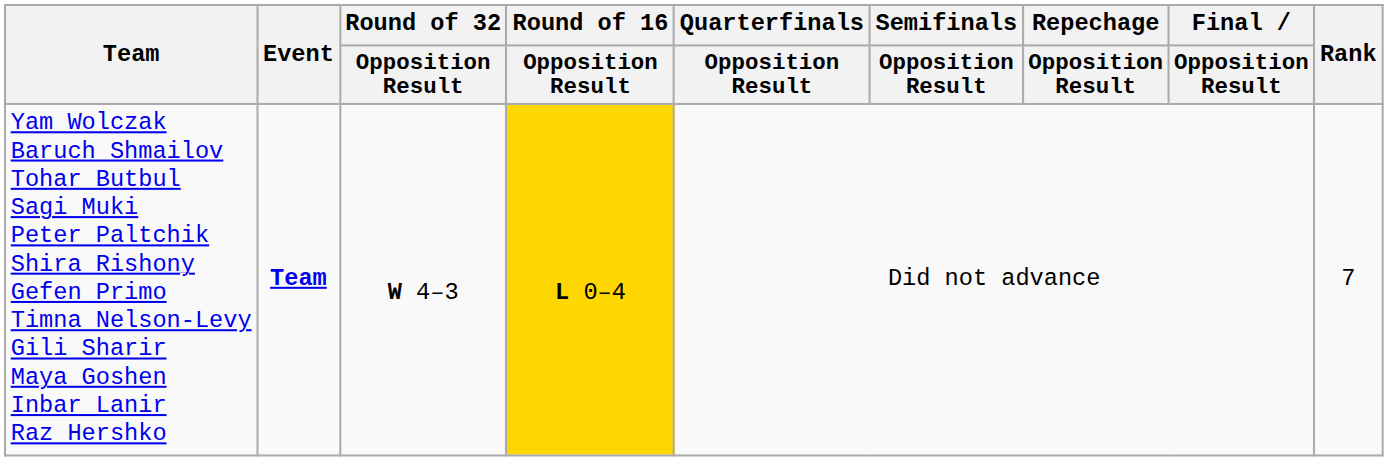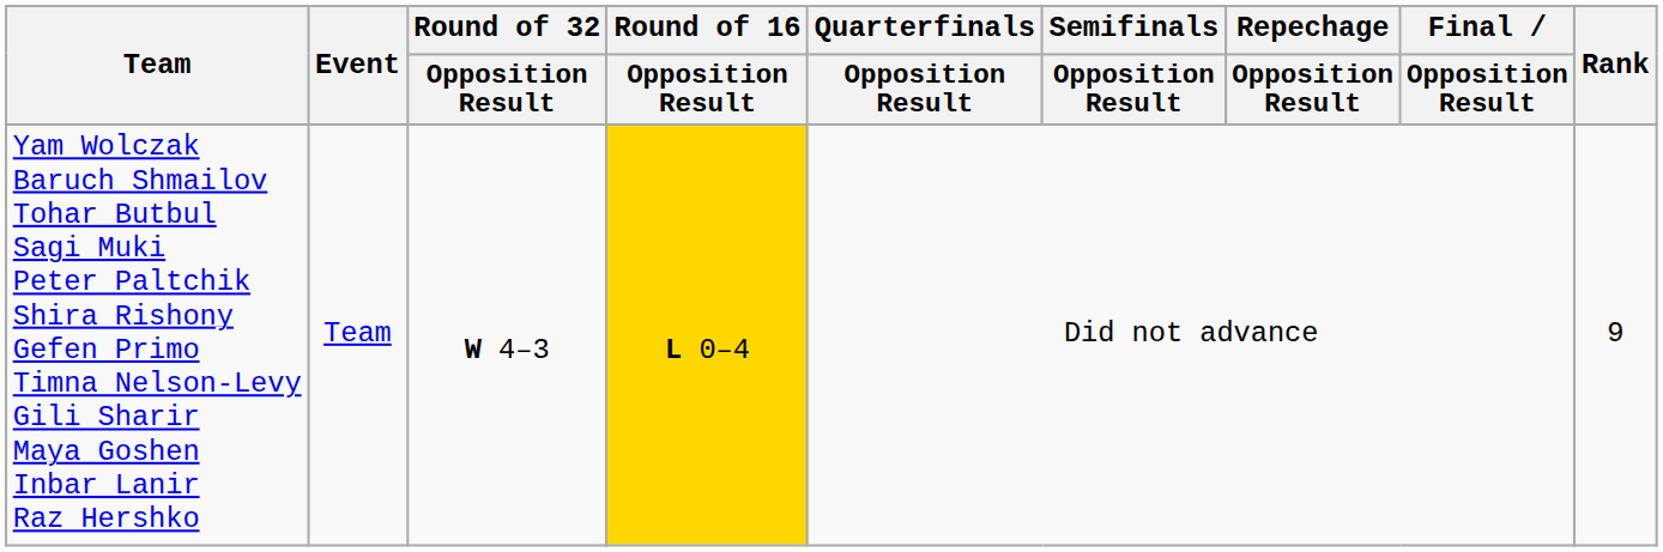 <table class="wikitable" style="font-size:90%; text-align:center">
 <tr>
 <th rowspan=2>Team</th>
 <th rowspan=2>Event</th>
 <th>Round of 32</th>
 <th>Round of 16</th>
 <th>Quarterfinals</th>
 <th>Semifinals</th>
 <th>Repechage</th>
 <th>Final / </th>
 <th rowspan=2>Rank</th>
 </tr>
 <tr style="font-size:95%">
 <th>Opposition <br> Result</th>
 <th>Opposition <br> Result</th>
 <th>Opposition <br> Result</th>
 <th>Opposition <br> Result</th>
 <th>Opposition <br> Result</th>
 <th>Opposition <br> Result</th>
 </tr>
 <tr>
 <td align=left><a href='#'>Yam Wolczak</a><br><a href='#'>Baruch Shmailov</a><br><a href='#'>Tohar Butbul</a><br><a href='#'>Sagi Muki</a><br><a href='#'>Peter Paltchik</a><br><a href='#'>Shira Rishony</a><br><a href='#'>Gefen Primo</a><br><a href='#'>Timna Nelson-Levy</a><br><a href='#'>Gili Sharir</a><br><a href='#'>Maya Goshen</a><br><a href='#'>Inbar Lanir</a><br><a href='#'>Raz Hershko</a></td>
-<td><strong><a href='#'>Team</a></strong></td>
+<td><a href='#'>Team</a></td>
 <td><br><strong>W</strong> 4–3</td>
 <td style="background: gold;"><br><strong>L</strong> 0–4</td>
 <td colspan=4>Did not advance</td>
-<td>7</td>
+<td>9</td>
 </tr>
 </table>
